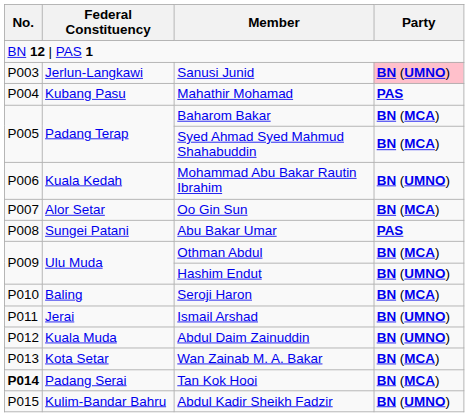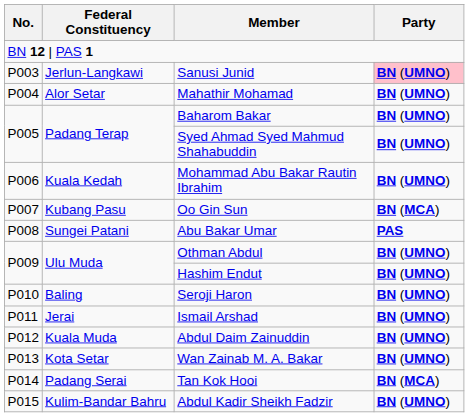 <table class="wikitable sortable">
 <tr>
 <th style="width:30px;">No.</th>
 <th style="width:150px;">Federal Constituency</th>
 <th style="width:230px;">Member</th>
 <th style="width:100px;">Party</th>
 </tr>
 <tr>
 <td colspan="4"><a href='#'>BN</a> <strong>12</strong> | <a href='#'>PAS</a> <strong>1</strong></td>
 </tr>
 <tr>
 <td>P003</td>
 <td><a href='#'>Jerlun-Langkawi</a></td>
 <td><a href='#'>Sanusi Junid</a></td>
 <td style="background: pink;"><strong><a href='#'>BN</a></strong> (<strong><a href='#'>UMNO</a></strong>)</td>
 </tr>
 <tr>
 <td>P004</td>
-<td><a href='#'>Kubang Pasu</a></td>
+<td><a href='#'>Alor Setar</a></td>
 <td><a href='#'>Mahathir Mohamad</a></td>
-<td><strong><a href='#'>PAS</a></strong></td>
+<td><strong><a href='#'>BN</a></strong> (<strong><a href='#'>UMNO</a></strong>)</td>
 </tr>
 <tr>
 <td rowspan=2>P005</td>
 <td rowspan=2><a href='#'>Padang Terap</a></td>
 <td><a href='#'>Baharom Bakar</a> </td>
-<td><strong><a href='#'>BN</a></strong> (<strong><a href='#'>MCA</a></strong>)</td>
+<td><strong><a href='#'>BN</a></strong> (<strong><a href='#'>UMNO</a></strong>)</td>
 </tr>
 <tr>
 <td><a href='#'>Syed Ahmad Syed Mahmud Shahabuddin</a> </td>
-<td><strong><a href='#'>BN</a></strong> (<strong><a href='#'>MCA</a></strong>)</td>
+<td><strong><a href='#'>BN</a></strong> (<strong><a href='#'>UMNO</a></strong>)</td>
 </tr>
 <tr>
 <td>P006</td>
 <td><a href='#'>Kuala Kedah</a></td>
 <td><a href='#'>Mohammad Abu Bakar Rautin Ibrahim</a></td>
 <td><strong><a href='#'>BN</a></strong> (<strong><a href='#'>UMNO</a></strong>)</td>
 </tr>
 <tr>
 <td>P007</td>
-<td><a href='#'>Alor Setar</a></td>
+<td><a href='#'>Kubang Pasu</a></td>
 <td><a href='#'>Oo Gin Sun</a></td>
 <td><strong><a href='#'>BN</a></strong> (<strong><a href='#'>MCA</a></strong>)</td>
 </tr>
 <tr>
 <td>P008</td>
 <td><a href='#'>Sungei Patani</a></td>
 <td><a href='#'>Abu Bakar Umar</a></td>
 <td><strong><a href='#'>PAS</a></strong></td>
 </tr>
 <tr>
 <td rowspan=2>P009</td>
 <td rowspan=2><a href='#'>Ulu Muda</a></td>
 <td><a href='#'>Othman Abdul</a> </td>
-<td><strong><a href='#'>BN</a></strong> (<strong><a href='#'>MCA</a></strong>)</td>
+<td><strong><a href='#'>BN</a></strong> (<strong><a href='#'>UMNO</a></strong>)</td>
 </tr>
 <tr>
 <td><a href='#'>Hashim Endut</a> </td>
 <td><strong><a href='#'>BN</a></strong> (<strong><a href='#'>UMNO</a></strong>)</td>
 </tr>
 <tr>
 <td>P010</td>
 <td><a href='#'>Baling</a></td>
 <td><a href='#'>Seroji Haron</a></td>
-<td><strong><a href='#'>BN</a></strong> (<strong><a href='#'>MCA</a></strong>)</td>
+<td><strong><a href='#'>BN</a></strong> (<strong><a href='#'>UMNO</a></strong>)</td>
 </tr>
 <tr>
 <td>P011</td>
 <td><a href='#'>Jerai</a></td>
 <td><a href='#'>Ismail Arshad</a></td>
 <td><strong><a href='#'>BN</a></strong> (<strong><a href='#'>UMNO</a></strong>)</td>
 </tr>
 <tr>
 <td>P012</td>
 <td><a href='#'>Kuala Muda</a></td>
 <td><a href='#'>Abdul Daim Zainuddin</a></td>
 <td><strong><a href='#'>BN</a></strong> (<strong><a href='#'>UMNO</a></strong>)</td>
 </tr>
 <tr>
 <td>P013</td>
 <td><a href='#'>Kota Setar</a></td>
 <td><a href='#'>Wan Zainab M. A. Bakar</a></td>
-<td><strong><a href='#'>BN</a></strong> (<strong><a href='#'>MCA</a></strong>)</td>
+<td><strong><a href='#'>BN</a></strong> (<strong><a href='#'>UMNO</a></strong>)</td>
 </tr>
 <tr>
-<td><strong>P014</strong></td>
+<td>P014</td>
 <td><a href='#'>Padang Serai</a></td>
 <td><a href='#'>Tan Kok Hooi</a></td>
 <td><strong><a href='#'>BN</a></strong> (<strong><a href='#'>MCA</a></strong>)</td>
 </tr>
 <tr>
 <td>P015</td>
 <td><a href='#'>Kulim-Bandar Bahru</a></td>
 <td><a href='#'>Abdul Kadir Sheikh Fadzir</a></td>
 <td><strong><a href='#'>BN</a></strong> (<strong><a href='#'>UMNO</a></strong>)</td>
 </tr>
 </table>
